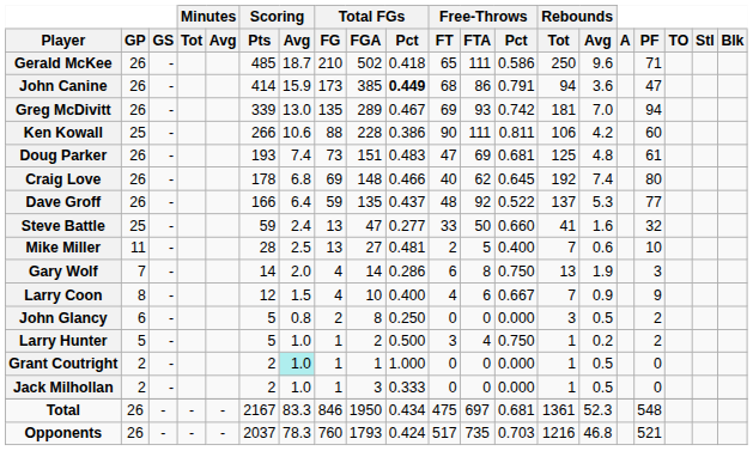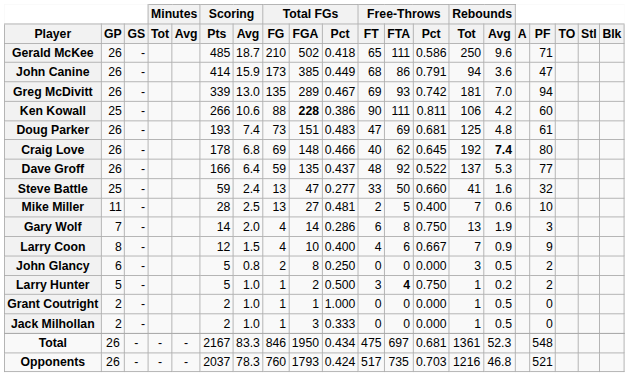 <table class="wikitable sortable" border="1" style="font-size:90%;">
 <tr>
 <th colspan="3" style="border-top-style:hidden; border-left-style:hidden; background: white;"></th>
 <th colspan="2" style=>Minutes</th>
 <th colspan="2" style=>Scoring</th>
 <th colspan="3" style=>Total FGs</th>
 <th colspan="3" style=>Free-Throws</th>
 <th colspan="2" style=>Rebounds</th>
 <th colspan="5" style="border-top-style:hidden; border-right-style:hidden; background: white;"></th>
 </tr>
 <tr>
 <th scope="col" style=>Player</th>
 <th scope="col" style=>GP</th>
 <th scope="col" style=>GS</th>
 <th scope="col" style=>Tot</th>
 <th scope="col" style=>Avg</th>
 <th scope="col" style=>Pts</th>
 <th scope="col" style=>Avg</th>
 <th scope="col" style=>FG</th>
 <th scope="col" style=>FGA</th>
 <th scope="col" style=>Pct</th>
 <th scope="col" style=>FT</th>
 <th scope="col" style=>FTA</th>
 <th scope="col" style=>Pct</th>
 <th scope="col" style=>Tot</th>
 <th scope="col" style=>Avg</th>
 <th scope="col" style=>A</th>
 <th scope="col" style=>PF</th>
 <th scope="col" style=>TO</th>
 <th scope="col" style=>Stl</th>
 <th scope="col" style=>Blk</th>
 </tr>
 <tr>
 <th>Gerald McKee</th>
 <td align="right">26</td>
 <td align="right">-</td>
 <td align="right"></td>
 <td align="right"></td>
 <td align="right">485</td>
 <td align="right">18.7</td>
 <td align="right">210</td>
 <td align="right">502</td>
 <td align="right">0.418</td>
 <td align="right">65</td>
 <td align="right">111</td>
 <td align="right">0.586</td>
 <td align="right">250</td>
 <td align="right">9.6</td>
 <td align="right"></td>
 <td align="right">71</td>
 <td align="right"></td>
 <td align="right"></td>
 <td align="right"></td>
 </tr>
 <tr>
 <th>John Canine</th>
 <td align="right">26</td>
 <td align="right">-</td>
 <td align="right"></td>
 <td align="right"></td>
 <td align="right">414</td>
 <td align="right">15.9</td>
 <td align="right">173</td>
 <td align="right">385</td>
-<td align="right"><strong>0.449</strong></td>
+<td align="right">0.449</td>
 <td align="right">68</td>
 <td align="right">86</td>
 <td align="right">0.791</td>
 <td align="right">94</td>
 <td align="right">3.6</td>
 <td align="right"></td>
 <td align="right">47</td>
 <td align="right"></td>
 <td align="right"></td>
 <td align="right"></td>
 </tr>
 <tr>
 <th>Greg McDivitt</th>
 <td align="right">26</td>
 <td align="right">-</td>
 <td align="right"></td>
 <td align="right"></td>
 <td align="right">339</td>
 <td align="right">13.0</td>
 <td align="right">135</td>
 <td align="right">289</td>
 <td align="right">0.467</td>
 <td align="right">69</td>
 <td align="right">93</td>
 <td align="right">0.742</td>
 <td align="right">181</td>
 <td align="right">7.0</td>
 <td align="right"></td>
 <td align="right">94</td>
 <td align="right"></td>
 <td align="right"></td>
 <td align="right"></td>
 </tr>
 <tr>
 <th>Ken Kowall</th>
 <td align="right">25</td>
 <td align="right">-</td>
 <td align="right"></td>
 <td align="right"></td>
 <td align="right">266</td>
 <td align="right">10.6</td>
 <td align="right">88</td>
-<td align="right">228</td>
+<td align="right"><strong>228</strong></td>
 <td align="right">0.386</td>
 <td align="right">90</td>
 <td align="right">111</td>
 <td align="right">0.811</td>
 <td align="right">106</td>
 <td align="right">4.2</td>
 <td align="right"></td>
 <td align="right">60</td>
 <td align="right"></td>
 <td align="right"></td>
 <td align="right"></td>
 </tr>
 <tr>
 <th>Doug Parker</th>
 <td align="right">26</td>
 <td align="right">-</td>
 <td align="right"></td>
 <td align="right"></td>
 <td align="right">193</td>
 <td align="right">7.4</td>
 <td align="right">73</td>
 <td align="right">151</td>
 <td align="right">0.483</td>
 <td align="right">47</td>
 <td align="right">69</td>
 <td align="right">0.681</td>
 <td align="right">125</td>
 <td align="right">4.8</td>
 <td align="right"></td>
 <td align="right">61</td>
 <td align="right"></td>
 <td align="right"></td>
 <td align="right"></td>
 </tr>
 <tr>
 <th>Craig Love</th>
 <td align="right">26</td>
 <td align="right">-</td>
 <td align="right"></td>
 <td align="right"></td>
 <td align="right">178</td>
 <td align="right">6.8</td>
 <td align="right">69</td>
 <td align="right">148</td>
 <td align="right">0.466</td>
 <td align="right">40</td>
 <td align="right">62</td>
 <td align="right">0.645</td>
 <td align="right">192</td>
-<td align="right">7.4</td>
+<td align="right"><strong>7.4</strong></td>
 <td align="right"></td>
 <td align="right">80</td>
 <td align="right"></td>
 <td align="right"></td>
 <td align="right"></td>
 </tr>
 <tr>
 <th>Dave Groff</th>
 <td align="right">26</td>
 <td align="right">-</td>
 <td align="right"></td>
 <td align="right"></td>
 <td align="right">166</td>
 <td align="right">6.4</td>
 <td align="right">59</td>
 <td align="right">135</td>
 <td align="right">0.437</td>
 <td align="right">48</td>
 <td align="right">92</td>
 <td align="right">0.522</td>
 <td align="right">137</td>
 <td align="right">5.3</td>
 <td align="right"></td>
 <td align="right">77</td>
 <td align="right"></td>
 <td align="right"></td>
 <td align="right"></td>
 </tr>
 <tr>
 <th>Steve Battle</th>
 <td align="right">25</td>
 <td align="right">-</td>
 <td align="right"></td>
 <td align="right"></td>
 <td align="right">59</td>
 <td align="right">2.4</td>
 <td align="right">13</td>
 <td align="right">47</td>
 <td align="right">0.277</td>
 <td align="right">33</td>
 <td align="right">50</td>
 <td align="right">0.660</td>
 <td align="right">41</td>
 <td align="right">1.6</td>
 <td align="right"></td>
 <td align="right">32</td>
 <td align="right"></td>
 <td align="right"></td>
 <td align="right"></td>
 </tr>
 <tr>
 <th>Mike Miller</th>
 <td align="right">11</td>
 <td align="right">-</td>
 <td align="right"></td>
 <td align="right"></td>
 <td align="right">28</td>
 <td align="right">2.5</td>
 <td align="right">13</td>
 <td align="right">27</td>
 <td align="right">0.481</td>
 <td align="right">2</td>
 <td align="right">5</td>
 <td align="right">0.400</td>
 <td align="right">7</td>
 <td align="right">0.6</td>
 <td align="right"></td>
 <td align="right">10</td>
 <td align="right"></td>
 <td align="right"></td>
 <td align="right"></td>
 </tr>
 <tr>
 <th>Gary Wolf</th>
 <td align="right">7</td>
 <td align="right">-</td>
 <td align="right"></td>
 <td align="right"></td>
 <td align="right">14</td>
 <td align="right">2.0</td>
 <td align="right">4</td>
 <td align="right">14</td>
 <td align="right">0.286</td>
 <td align="right">6</td>
 <td align="right">8</td>
 <td align="right">0.750</td>
 <td align="right">13</td>
 <td align="right">1.9</td>
 <td align="right"></td>
 <td align="right">3</td>
 <td align="right"></td>
 <td align="right"></td>
 <td align="right"></td>
 </tr>
 <tr>
 <th>Larry Coon</th>
 <td align="right">8</td>
 <td align="right">-</td>
 <td align="right"></td>
 <td align="right"></td>
 <td align="right">12</td>
 <td align="right">1.5</td>
 <td align="right">4</td>
 <td align="right">10</td>
 <td align="right">0.400</td>
 <td align="right">4</td>
 <td align="right">6</td>
 <td align="right">0.667</td>
 <td align="right">7</td>
 <td align="right">0.9</td>
 <td align="right"></td>
 <td align="right">9</td>
 <td align="right"></td>
 <td align="right"></td>
 <td align="right"></td>
 </tr>
 <tr>
 <th>John Glancy</th>
 <td align="right">6</td>
 <td align="right">-</td>
 <td align="right"></td>
 <td align="right"></td>
 <td align="right">5</td>
 <td align="right">0.8</td>
 <td align="right">2</td>
 <td align="right">8</td>
 <td align="right">0.250</td>
 <td align="right">0</td>
 <td align="right">0</td>
 <td align="right">0.000</td>
 <td align="right">3</td>
 <td align="right">0.5</td>
 <td align="right"></td>
 <td align="right">2</td>
 <td align="right"></td>
 <td align="right"></td>
 <td align="right"></td>
 </tr>
 <tr>
 <th>Larry Hunter</th>
 <td align="right">5</td>
 <td align="right">-</td>
 <td align="right"></td>
 <td align="right"></td>
 <td align="right">5</td>
 <td align="right">1.0</td>
 <td align="right">1</td>
 <td align="right">2</td>
 <td align="right">0.500</td>
 <td align="right">3</td>
-<td align="right">4</td>
+<td align="right"><strong>4</strong></td>
 <td align="right">0.750</td>
 <td align="right">1</td>
 <td align="right">0.2</td>
 <td align="right"></td>
 <td align="right">2</td>
 <td align="right"></td>
 <td align="right"></td>
 <td align="right"></td>
 </tr>
 <tr>
 <th>Grant Coutright</th>
 <td align="right">2</td>
 <td align="right">-</td>
 <td align="right"></td>
 <td align="right"></td>
 <td align="right">2</td>
-<td align="right" style="background: paleturquoise;">1.0</td>
+<td align="right">1.0</td>
 <td align="right">1</td>
 <td align="right">1</td>
 <td align="right">1.000</td>
 <td align="right">0</td>
 <td align="right">0</td>
 <td align="right">0.000</td>
 <td align="right">1</td>
 <td align="right">0.5</td>
 <td align="right"></td>
 <td align="right">0</td>
 <td align="right"></td>
 <td align="right"></td>
 <td align="right"></td>
 </tr>
 <tr>
 <th>Jack Milhollan</th>
 <td align="right">2</td>
 <td align="right">-</td>
 <td align="right"></td>
 <td align="right"></td>
 <td align="right">2</td>
 <td align="right">1.0</td>
 <td align="right">1</td>
 <td align="right">3</td>
 <td align="right">0.333</td>
 <td align="right">0</td>
 <td align="right">0</td>
 <td align="right">0.000</td>
 <td align="right">1</td>
 <td align="right">0.5</td>
 <td align="right"></td>
 <td align="right">0</td>
 <td align="right"></td>
 <td align="right"></td>
 <td align="right"></td>
 </tr>
 <tr>
 </tr>
 <tr class="sortbottom">
 <td align="center" style=><strong>Total</strong></td>
 <td align="center" style=>26</td>
 <td align="center" style=>-</td>
 <td align="center" style=>-</td>
 <td align="center" style=>-</td>
 <td align="center" style=>2167</td>
 <td align="center" style=>83.3</td>
 <td align="center" style=>846</td>
 <td align="center" style=>1950</td>
 <td align="center" style=>0.434</td>
 <td align="center" style=>475</td>
 <td align="center" style=>697</td>
 <td align="center" style=>0.681</td>
 <td align="center" style=>1361</td>
 <td align="center" style=>52.3</td>
 <td align="center" style=></td>
 <td align="center" style=>548</td>
 <td align="center" style=></td>
 <td align="center" style=></td>
 <td align="center" style=></td>
 </tr>
 <tr class="sortbottom">
 <td align="center"><strong>Opponents</strong></td>
 <td align="center">26</td>
 <td align="center">-</td>
 <td align="center">-</td>
 <td align="center">-</td>
 <td align="center">2037</td>
 <td align="center">78.3</td>
 <td align="center">760</td>
 <td align="center">1793</td>
 <td align="center">0.424</td>
 <td align="center">517</td>
 <td align="center">735</td>
 <td align="center">0.703</td>
 <td align="center">1216</td>
 <td align="center">46.8</td>
 <td align="center"></td>
 <td align="center">521</td>
 <td align="center"></td>
 <td align="center"></td>
 <td align="center"></td>
 </tr>
 </table>
